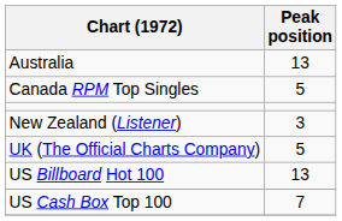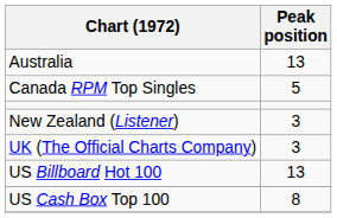 <table class="wikitable sortable">
 <tr>
 <th align="left">Chart (1972)</th>
 <th align="left">Peak<br>position</th>
 </tr>
 <tr>
 <td>Australia</td>
 <td style="text-align:center;">13</td>
 </tr>
 <tr>
 <td>Canada <em><a href='#'>RPM</a></em> Top Singles</td>
 <td style="text-align:center;">5</td>
 </tr>
 <tr>
 <td></td>
 </tr>
 <tr>
 <td>New Zealand (<em><a href='#'>Listener</a></em>)</td>
 <td style="text-align:center;">3</td>
 </tr>
 <tr>
 <td><a href='#'>UK</a> (<a href='#'>The Official Charts Company</a>)</td>
-<td style="text-align:center;">5</td>
+<td style="text-align:center;">3</td>
 </tr>
 <tr>
 <td>US <em><a href='#'>Billboard</a></em> <a href='#'>Hot 100</a></td>
 <td style="text-align:center;">13</td>
 </tr>
 <tr>
 </tr>
 <tr>
 <td>US <em><a href='#'>Cash Box</a></em> Top 100 </td>
-<td style="text-align:center;">7</td>
+<td style="text-align:center;">8</td>
 </tr>
 <tr>
 </tr>
 </table>
